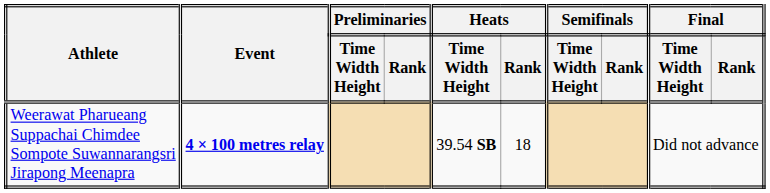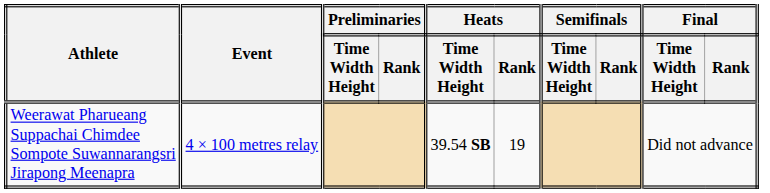 <table class=wikitable style="font-size:90%; border: double;">
 <tr>
 <th rowspan="2" style="border-right:double">Athlete</th>
 <th rowspan="2" style="border-right:double">Event</th>
 <th colspan="2" style="border-right:double; border-bottom:double;">Preliminaries</th>
 <th colspan="2" style="border-right:double; border-bottom:double;">Heats</th>
 <th colspan="2" style="border-right:double; border-bottom:double;">Semifinals</th>
 <th colspan="2" style="border-right:double; border-bottom:double;">Final</th>
 </tr>
 <tr>
 <th>Time<br>Width<br>Height</th>
 <th style="border-right:double">Rank</th>
 <th>Time<br>Width<br>Height</th>
 <th style="border-right:double">Rank</th>
 <th>Time<br>Width<br>Height</th>
 <th style="border-right:double">Rank</th>
 <th>Time<br>Width<br>Height</th>
 <th style="border-right:double">Rank</th>
 </tr>
 <tr style="border-top: double;">
 <td style="border-right:double"><a href='#'>Weerawat Pharueang</a><br><a href='#'>Suppachai Chimdee</a><br><a href='#'>Sompote Suwannarangsri</a><br><a href='#'>Jirapong Meenapra</a><br></td>
-<td style="border-right:double"><strong><a href='#'>4 × 100 metres relay</a></strong></td>
+<td style="border-right:double"><a href='#'>4 × 100 metres relay</a></td>
 <td style="border-right:double" colspan= 2 bgcolor="wheat"></td>
 <td align=center>39.54 <strong>SB</strong></td>
-<td align=center style="border-right:double">18</td>
+<td align=center style="border-right:double">19</td>
 <td style="border-right:double" colspan= 2 bgcolor="wheat"></td>
 <td colspan="2" align=center>Did not advance</td>
 </tr>
 </table>
